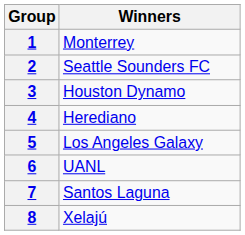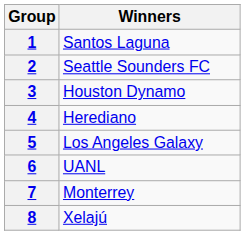 <table class=wikitable>
 <tr>
 <th>Group</th>
 <th width=175>Winners</th>
 </tr>
 <tr>
 <th><a href='#'>1</a></th>
-<td> <a href='#'>Monterrey</a></td>
+<td> <a href='#'>Santos Laguna</a></td>
 </tr>
 <tr>
 <th><a href='#'>2</a></th>
 <td> <a href='#'>Seattle Sounders FC</a></td>
 </tr>
 <tr>
 <th><a href='#'>3</a></th>
 <td> <a href='#'>Houston Dynamo</a></td>
 </tr>
 <tr>
 <th><a href='#'>4</a></th>
 <td> <a href='#'>Herediano</a></td>
 </tr>
 <tr>
 <th><a href='#'>5</a></th>
 <td> <a href='#'>Los Angeles Galaxy</a></td>
 </tr>
 <tr>
 <th><a href='#'>6</a></th>
 <td> <a href='#'>UANL</a></td>
 </tr>
 <tr>
 <th><a href='#'>7</a></th>
-<td> <a href='#'>Santos Laguna</a></td>
+<td> <a href='#'>Monterrey</a></td>
 </tr>
 <tr>
 <th><a href='#'>8</a></th>
 <td> <a href='#'>Xelajú</a></td>
 </tr>
 </table>
